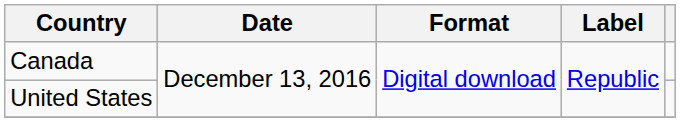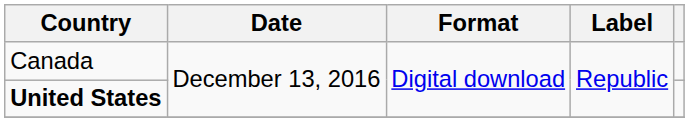 <table class="wikitable">
 <tr>
 <th>Country</th>
 <th>Date</th>
 <th>Format</th>
 <th>Label</th>
 <th></th>
 </tr>
 <tr>
 <td>Canada</td>
 <td rowspan="2">December 13, 2016</td>
 <td rowspan="2"><a href='#'>Digital download</a></td>
 <td rowspan="2"><a href='#'>Republic</a></td>
 <td></td>
 </tr>
 <tr>
-<td>United States</td>
+<td><strong>United States</strong></td>
 <td></td>
 </tr>
 <tr>
 </tr>
 </table>
